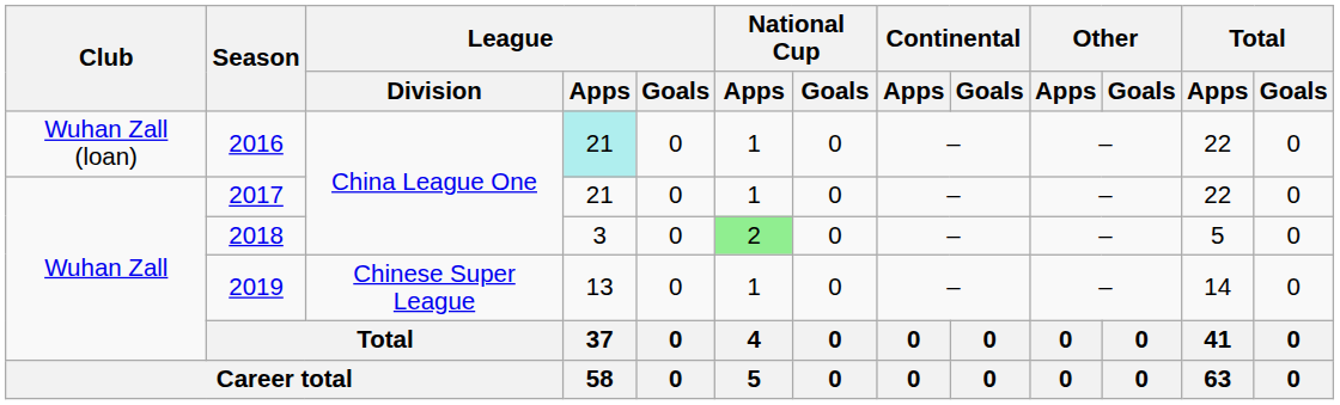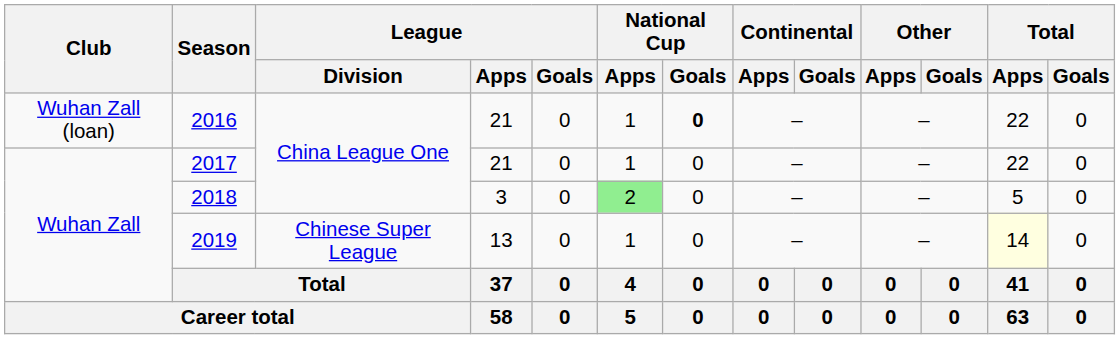 <table class="wikitable" style="text-align: center">
 <tr>
 <th rowspan="2">Club</th>
 <th rowspan="2">Season</th>
 <th colspan="3">League</th>
 <th colspan="2">National Cup</th>
 <th colspan="2">Continental</th>
 <th colspan="2">Other</th>
 <th colspan="2">Total</th>
 </tr>
 <tr>
 <th>Division</th>
 <th>Apps</th>
 <th>Goals</th>
 <th>Apps</th>
 <th>Goals</th>
 <th>Apps</th>
 <th>Goals</th>
 <th>Apps</th>
 <th>Goals</th>
 <th>Apps</th>
 <th>Goals</th>
 </tr>
 <tr>
 <td><a href='#'>Wuhan Zall</a> (loan)</td>
 <td><a href='#'>2016</a></td>
 <td rowspan="3"><a href='#'>China League One</a></td>
-<td style="background: paleturquoise;">21</td>
+<td>21</td>
 <td>0</td>
 <td>1</td>
-<td>0</td>
+<td><strong>0</strong></td>
 <td colspan="2">–</td>
 <td colspan="2">–</td>
 <td>22</td>
 <td>0</td>
 </tr>
 <tr>
 <td rowspan="4"><a href='#'>Wuhan Zall</a></td>
 <td><a href='#'>2017</a></td>
 <td>21</td>
 <td>0</td>
 <td>1</td>
 <td>0</td>
 <td colspan="2">–</td>
 <td colspan="2">–</td>
 <td>22</td>
 <td>0</td>
 </tr>
 <tr>
 <td><a href='#'>2018</a></td>
 <td>3</td>
 <td>0</td>
 <td style="background: lightgreen;">2</td>
 <td>0</td>
 <td colspan="2">–</td>
 <td colspan="2">–</td>
 <td>5</td>
 <td>0</td>
 </tr>
 <tr>
 <td><a href='#'>2019</a></td>
 <td><a href='#'>Chinese Super League</a></td>
 <td>13</td>
 <td>0</td>
 <td>1</td>
 <td>0</td>
 <td colspan="2">–</td>
 <td colspan="2">–</td>
-<td>14</td>
+<td style="background: lightyellow;">14</td>
 <td>0</td>
 </tr>
 <tr>
 <th colspan=2>Total</th>
 <th>37</th>
 <th>0</th>
 <th>4</th>
 <th>0</th>
 <th>0</th>
 <th>0</th>
 <th>0</th>
 <th>0</th>
 <th>41</th>
 <th>0</th>
 </tr>
 <tr>
 <th colspan=3>Career total</th>
 <th>58</th>
 <th>0</th>
 <th>5</th>
 <th>0</th>
 <th>0</th>
 <th>0</th>
 <th>0</th>
 <th>0</th>
 <th>63</th>
 <th>0</th>
 </tr>
 </table>
